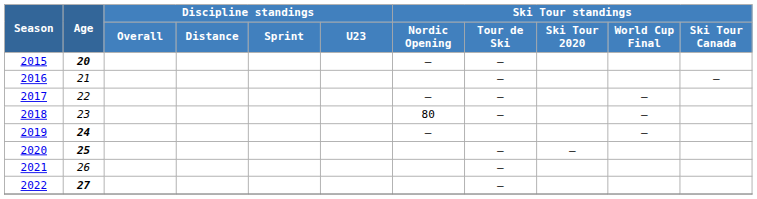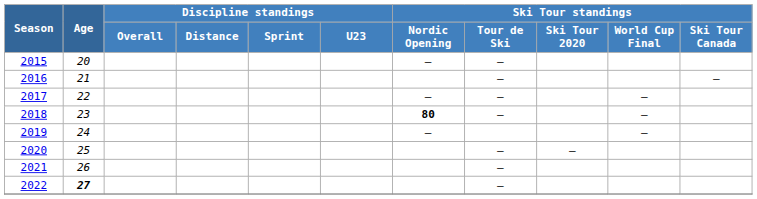 <table class="wikitable" style="font-size:95%; text-align:center; border:grey solid 1px; border-collapse:collapse; background:#ffffff;">
 <tr>
 <th style="background-color:#369; color:white; width:60px;" rowspan="2"> Season </th>
 <th style="background-color:#369; color:white; width:40px;" rowspan="2"> Age </th>
 <th style="background-color:#4180be; color:white;" colspan="4">Discipline standings</th>
 <th style="background-color:#4180be; color:white;" colspan="5">Ski Tour standings</th>
 </tr>
 <tr>
 <th style="background-color:#4180be; color:white; width:75px;">Overall</th>
 <th style="background-color:#4180be; color:white; width:75px;">Distance</th>
 <th style="background-color:#4180be; color:white; width:75px;">Sprint</th>
 <th style="background-color:#4180be; color:white; width:75px;">U23</th>
 <th style="background-color:#4180be; color:white; width:75px;">Nordic<br>Opening</th>
 <th style="background-color:#4180be; color:white; width:75px;">Tour de<br>Ski</th>
 <th style="background-color:#4180be; color:white; width:75px;">Ski Tour<br>2020</th>
 <th style="background-color:#4180be; color:white; width:75px;">World Cup<br>Final</th>
 <th style="background-color:#4180be; color:white; width:75px;">Ski Tour<br>Canada</th>
 </tr>
 <tr>
 <td><a href='#'>2015</a></td>
-<td><strong><em>20</em></strong></td>
+<td><em>20</em></td>
 <td></td>
 <td></td>
 <td></td>
 <td></td>
 <td>—</td>
 <td>—</td>
 <td></td>
 <td></td>
 <td></td>
 </tr>
 <tr>
 <td><a href='#'>2016</a></td>
 <td><em>21</em></td>
 <td></td>
 <td></td>
 <td></td>
 <td></td>
 <td></td>
 <td>—</td>
 <td></td>
 <td></td>
 <td>—</td>
 </tr>
 <tr>
 <td><a href='#'>2017</a></td>
 <td><em>22</em></td>
 <td></td>
 <td></td>
 <td></td>
 <td></td>
 <td>—</td>
 <td>—</td>
 <td></td>
 <td>—</td>
 <td></td>
 </tr>
 <tr>
 <td><a href='#'>2018</a></td>
 <td><em>23</em></td>
 <td></td>
 <td></td>
 <td></td>
 <td></td>
-<td>80</td>
+<td><strong>80</strong></td>
 <td>—</td>
 <td></td>
 <td>—</td>
 <td></td>
 </tr>
 <tr>
 <td><a href='#'>2019</a></td>
-<td><strong><em>24</em></strong></td>
+<td><em>24</em></td>
 <td></td>
 <td></td>
 <td></td>
 <td></td>
 <td>—</td>
 <td></td>
 <td></td>
 <td>—</td>
 <td></td>
 </tr>
 <tr>
 <td><a href='#'>2020</a></td>
-<td><strong><em>25</em></strong></td>
+<td><em>25</em></td>
 <td></td>
 <td></td>
 <td></td>
 <td></td>
 <td></td>
 <td>—</td>
 <td>—</td>
 <td></td>
 <td></td>
 </tr>
 <tr>
 <td><a href='#'>2021</a></td>
 <td><em>26</em></td>
 <td></td>
 <td></td>
 <td></td>
 <td></td>
 <td></td>
 <td>—</td>
 <td></td>
 <td></td>
 <td></td>
 </tr>
 <tr>
 <td><a href='#'>2022</a></td>
 <td><strong><em>27</em></strong></td>
 <td></td>
 <td></td>
 <td></td>
 <td></td>
 <td></td>
 <td>—</td>
 <td></td>
 <td></td>
 <td></td>
 </tr>
 <tr>
 </tr>
 </table>
